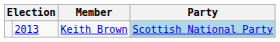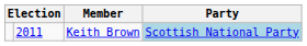 <table class="wikitable">
 <tr>
 <th colspan="2">Election</th>
 <th>Member</th>
 <th>Party</th>
 </tr>
 <tr>
 <td style="background-color: "></td>
-<td><a href='#'>2013</a></td>
+<td><a href='#'>2011</a></td>
 <td><a href='#'>Keith Brown</a></td>
 <td style="background: lightblue;"><a href='#'>Scottish National Party</a></td>
 </tr>
 </table>
